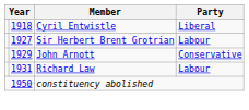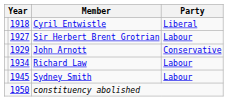 <table class="wikitable">
 <tr>
 <th colspan="2">Year</th>
 <th>Member</th>
 <th>Party</th>
 </tr>
 <tr>
 <td style="color:inherit;background-color: "></td>
 <td><a href='#'>1918</a></td>
 <td><a href='#'>Cyril Entwistle</a></td>
 <td><a href='#'>Liberal</a></td>
 </tr>
 <tr>
 <td style="color:inherit;background-color: "></td>
 <td><a href='#'>1927</a></td>
 <td><a href='#'>Sir Herbert Brent Grotrian</a></td>
 <td><a href='#'>Labour</a></td>
 </tr>
 <tr>
 <td style="color:inherit;background-color: "></td>
 <td><a href='#'>1929</a></td>
 <td><a href='#'>John Arnott</a></td>
 <td><a href='#'>Conservative</a></td>
 </tr>
 <tr>
 <td style="color:inherit;background-color: "></td>
-<td><a href='#'>1931</a></td>
+<td><a href='#'>1934</a></td>
 <td><a href='#'>Richard Law</a></td>
+<td><a href='#'>Labour</a></td>
+</tr>
+<tr>
+<td style="color:inherit;background-color: "></td>
+<td><a href='#'>1945</a></td>
+<td><a href='#'>Sydney Smith</a></td>
 <td><a href='#'>Labour</a></td>
 </tr>
 <tr>
 <td colspan=2 align="right"><a href='#'>1950</a></td>
 <td colspan="2"><em>constituency abolished</em></td>
 </tr>
 </table>
